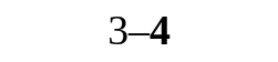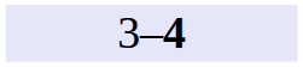 <table style="text-align:center">
 <tr>
 <th width=223></th>
 <th width=100></th>
 <th width=223></th>
 </tr>
 <tr>
 <td align=right><small><span></span></small> </td>
-<td>3–<strong>4</strong></td>
+<td style="background: lavender;">3–<strong>4</strong></td>
 <td align=left><strong></strong> <small><span></span></small></td>
 </tr>
 </table>
